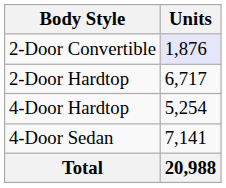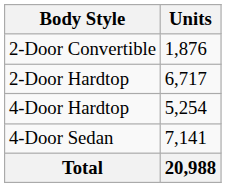 <table class="wikitable">
 <tr>
 <th>Body Style</th>
 <th>Units</th>
 </tr>
 <tr>
 <td>2-Door Convertible</td>
-<td style="background: lavender;">1,876</td>
+<td>1,876</td>
 </tr>
 <tr>
 <td>2-Door Hardtop</td>
 <td>6,717</td>
 </tr>
 <tr>
 <td>4-Door Hardtop</td>
 <td>5,254</td>
 </tr>
 <tr>
 <td>4-Door Sedan</td>
 <td>7,141</td>
 </tr>
 <tr>
 <th>Total</th>
 <th>20,988</th>
 </tr>
 </table>
